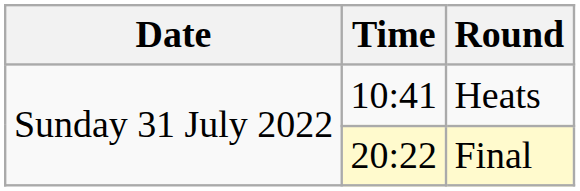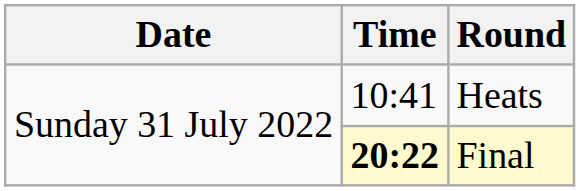 <table class="wikitable">
 <tr>
 <th>Date</th>
 <th>Time</th>
 <th>Round</th>
 </tr>
 <tr>
 <td rowspan="2">Sunday 31 July 2022</td>
 <td>10:41</td>
 <td>Heats</td>
 </tr>
 <tr>
-<td style="background:lemonchiffon">20:22</td>
+<td style="background:lemonchiffon"><strong>20:22</strong></td>
 <td style="background:lemonchiffon">Final</td>
 </tr>
 </table>
